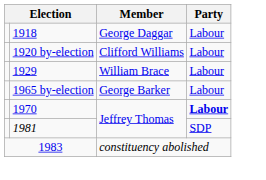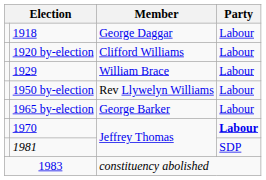 <table class="wikitable">
 <tr>
 <th colspan="2">Election</th>
 <th>Member</th>
 <th>Party</th>
 </tr>
 <tr>
 <td style="color:inherit;background-color: "></td>
 <td><a href='#'>1918</a></td>
 <td><a href='#'>George Daggar</a></td>
 <td><a href='#'>Labour</a></td>
 </tr>
 <tr>
 <td style="color:inherit;background-color: "></td>
 <td><a href='#'>1920 by-election</a></td>
 <td><a href='#'>Clifford Williams</a></td>
 <td><a href='#'>Labour</a></td>
 </tr>
 <tr>
 <td style="color:inherit;background-color: "></td>
 <td><a href='#'>1929</a></td>
 <td><a href='#'>William Brace</a></td>
 <td><a href='#'>Labour</a></td>
 </tr>
 <tr>
 <td style="color:inherit;background-color: "></td>
+<td><a href='#'>1950 by-election</a></td>
+<td>Rev <a href='#'>Llywelyn Williams</a></td>
+<td><a href='#'>Labour</a></td>
+</tr>
+<tr>
+<td style="color:inherit;background-color: "></td>
 <td><a href='#'>1965 by-election</a></td>
 <td><a href='#'>George Barker</a></td>
 <td><a href='#'>Labour</a></td>
 </tr>
 <tr>
 <td style="color:inherit;background-color: "></td>
 <td><a href='#'>1970</a></td>
 <td rowspan="2"><a href='#'>Jeffrey Thomas</a></td>
 <td><strong><a href='#'>Labour</a></strong></td>
 </tr>
 <tr>
 <td style="color:inherit;background-color: "></td>
 <td><em>1981</em></td>
 <td><a href='#'>SDP</a></td>
 </tr>
 <tr>
 <td colspan="2" align="center"><a href='#'>1983</a></td>
 <td colspan="2"><em>constituency abolished</em></td>
 </tr>
 </table>
